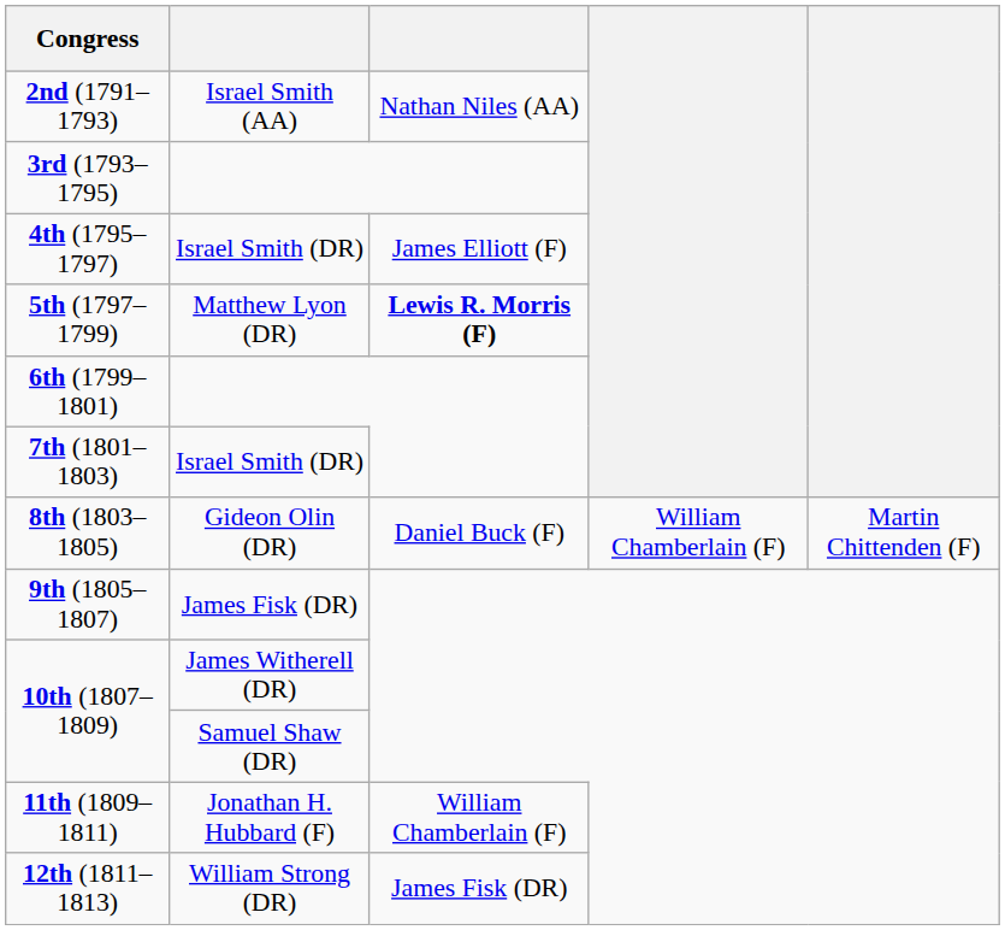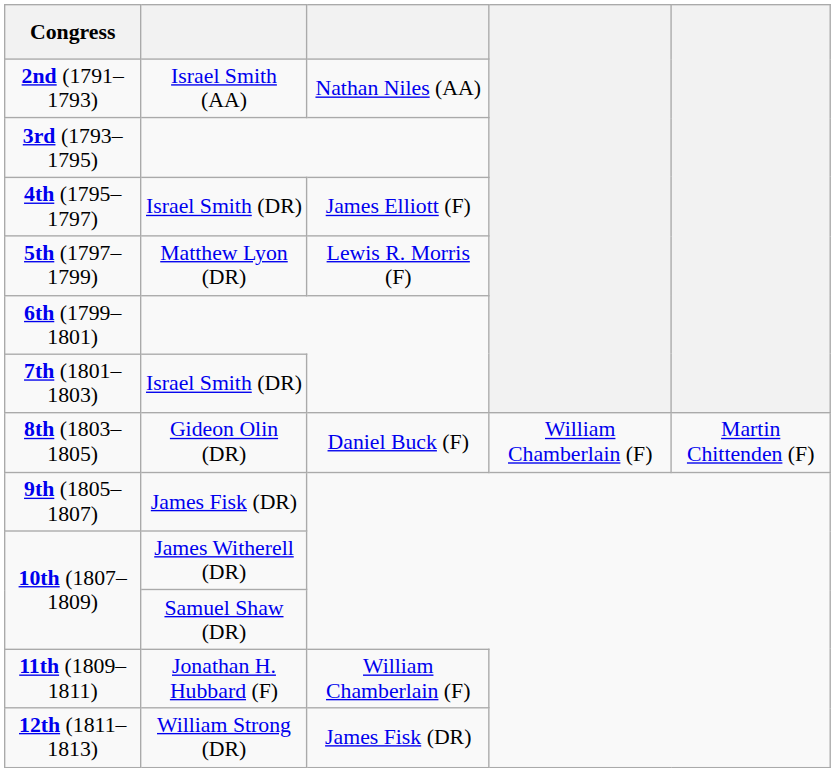 <table class=wikitable style="text-align:center">
 <tr style="height:2.5em">
 <th>Congress</th>
 <th></th>
 <th></th>
 <th rowspan=7 style=vertical-align:bottom></th>
 <th rowspan=7 style=vertical-align:bottom></th>
 </tr>
 <tr style="height:2.5em">
 <td><strong><a href='#'>2nd</a></strong> (1791–1793)</td>
 <td><a href='#'>Israel Smith</a> (AA)</td>
 <td><a href='#'>Nathan Niles</a> (AA)</td>
 </tr>
 <tr style="height:2.5em">
 <td><strong><a href='#'>3rd</a></strong> (1793–1795)</td>
 </tr>
 <tr style="height:2.5em">
 <td><strong><a href='#'>4th</a></strong> (1795–1797)</td>
 <td><a href='#'>Israel Smith</a> (DR)</td>
 <td><a href='#'>James Elliott</a> (F)</td>
 </tr>
 <tr style="height:2.5em">
 <td><strong><a href='#'>5th</a></strong> (1797–1799)</td>
 <td><a href='#'>Matthew Lyon</a> (DR)</td>
-<td><strong><a href='#'>Lewis R. Morris</a> (F)</strong></td>
+<td><a href='#'>Lewis R. Morris</a> (F)</td>
 </tr>
 <tr style="height:2.5em">
 <td><strong><a href='#'>6th</a></strong> (1799–1801)</td>
 </tr>
 <tr style="height:2.5em">
 <td><strong><a href='#'>7th</a></strong> (1801–1803)</td>
 <td><a href='#'>Israel Smith</a> (DR)</td>
 </tr>
 <tr style="height:2.5em">
 <td><strong><a href='#'>8th</a></strong> (1803–1805)</td>
 <td><a href='#'>Gideon Olin</a> (DR)</td>
 <td><a href='#'>Daniel Buck</a> (F)</td>
 <td><a href='#'>William Chamberlain</a> (F)</td>
 <td><a href='#'>Martin Chittenden</a> (F)</td>
 </tr>
 <tr style="height:2.5em">
 <td><strong><a href='#'>9th</a></strong> (1805–1807)</td>
 <td><a href='#'>James Fisk</a> (DR)</td>
 </tr>
 <tr style="height:2em">
 <td rowspan=2><strong><a href='#'>10th</a></strong> (1807–1809)</td>
 <td><a href='#'>James Witherell</a> (DR)</td>
 </tr>
 <tr style="height:2em">
 <td><a href='#'>Samuel Shaw</a> (DR)</td>
 </tr>
 <tr style="height:2.5em">
 <td><strong><a href='#'>11th</a></strong> (1809–1811)</td>
 <td><a href='#'>Jonathan H. Hubbard</a> (F)</td>
 <td><a href='#'>William Chamberlain</a> (F)</td>
 </tr>
 <tr style="height:2.5em">
 <td><strong><a href='#'>12th</a></strong> (1811–1813)</td>
 <td><a href='#'>William Strong</a> (DR)</td>
 <td><a href='#'>James Fisk</a> (DR)</td>
 </tr>
 </table>
